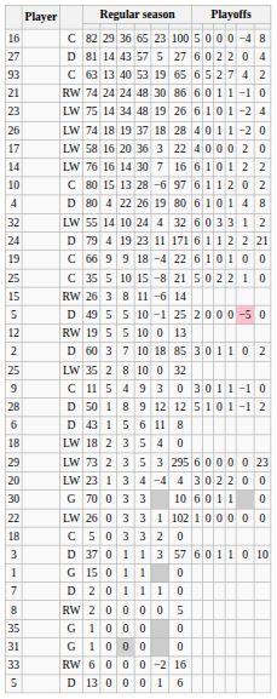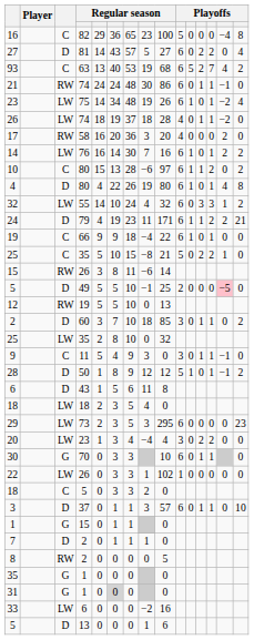 <table class="wikitable sortable plainrowheaders" style="text-align:center;">
 <tr>
 <th scope="col" data-sort-type="number" rowspan="2"></th>
 <th scope="col" rowspan="2">Player</th>
 <th scope="col" rowspan="2"></th>
 <th scope=colgroup colspan=6>Regular season</th>
 <th scope=colgroup colspan=6>Playoffs</th>
 </tr>
 <tr>
 <th scope="col" data-sort-type="number"></th>
 <th scope="col" data-sort-type="number"></th>
 <th scope="col" data-sort-type="number"></th>
 <th scope="col" data-sort-type="number"></th>
 <th scope="col" data-sort-type="number"></th>
 <th scope="col" data-sort-type="number"></th>
 <th scope="col" data-sort-type="number"></th>
 <th scope="col" data-sort-type="number"></th>
 <th scope="col" data-sort-type="number"></th>
 <th scope="col" data-sort-type="number"></th>
 <th scope="col" data-sort-type="number"></th>
 <th scope="col" data-sort-type="number"></th>
 </tr>
 <tr>
 <td scope="row">16</td>
 <td align="left"></td>
 <td>C</td>
 <td>82</td>
 <td>29</td>
 <td>36</td>
 <td>65</td>
 <td>23</td>
 <td>100</td>
 <td>5</td>
 <td>0</td>
 <td>0</td>
 <td>0</td>
 <td>−4</td>
 <td>8</td>
 </tr>
 <tr>
 <td scope="row">27</td>
 <td align="left"></td>
 <td>D</td>
 <td>81</td>
 <td>14</td>
 <td>43</td>
 <td>57</td>
 <td>5</td>
 <td>27</td>
 <td>6</td>
 <td>0</td>
 <td>2</td>
 <td>2</td>
 <td>0</td>
 <td>4</td>
 </tr>
 <tr>
 <td scope="row">93</td>
 <td align="left"></td>
 <td>C</td>
 <td>63</td>
 <td>13</td>
 <td>40</td>
 <td>53</td>
 <td>19</td>
-<td>65</td>
+<td>68</td>
 <td>6</td>
 <td>5</td>
 <td>2</td>
 <td>7</td>
 <td>4</td>
 <td>2</td>
 </tr>
 <tr>
 <td scope="row">21</td>
 <td align="left"></td>
 <td>RW</td>
 <td>74</td>
 <td>24</td>
 <td>24</td>
 <td>48</td>
 <td>30</td>
 <td>86</td>
 <td>6</td>
 <td>0</td>
 <td>1</td>
 <td>1</td>
 <td>−1</td>
 <td>0</td>
 </tr>
 <tr>
 <td scope="row">23</td>
 <td align="left"></td>
 <td>LW</td>
 <td>75</td>
 <td>14</td>
 <td>34</td>
 <td>48</td>
 <td>19</td>
 <td>26</td>
 <td>6</td>
 <td>1</td>
 <td>0</td>
 <td>1</td>
 <td>−2</td>
 <td>4</td>
 </tr>
 <tr>
 <td scope="row">26</td>
 <td align="left"></td>
 <td>LW</td>
 <td>74</td>
 <td>18</td>
 <td>19</td>
 <td>37</td>
 <td>18</td>
 <td>28</td>
 <td>4</td>
 <td>0</td>
 <td>1</td>
 <td>1</td>
 <td>−2</td>
 <td>0</td>
 </tr>
 <tr>
 <td scope="row">17</td>
 <td align="left"></td>
-<td>LW</td>
+<td>RW</td>
 <td>58</td>
 <td>16</td>
 <td>20</td>
 <td>36</td>
 <td>3</td>
-<td>22</td>
+<td>20</td>
 <td>4</td>
 <td>0</td>
 <td>0</td>
 <td>0</td>
 <td>2</td>
 <td>0</td>
 </tr>
 <tr>
 <td scope="row">14</td>
 <td align="left"></td>
 <td>LW</td>
 <td>76</td>
 <td>16</td>
 <td>14</td>
 <td>30</td>
 <td>7</td>
 <td>16</td>
 <td>6</td>
 <td>1</td>
 <td>0</td>
 <td>1</td>
 <td>2</td>
 <td>2</td>
 </tr>
 <tr>
 <td scope="row">10</td>
 <td align="left"></td>
 <td>C</td>
 <td>80</td>
 <td>15</td>
 <td>13</td>
 <td>28</td>
 <td>−6</td>
 <td>97</td>
 <td>6</td>
 <td>1</td>
 <td>1</td>
 <td>2</td>
 <td>0</td>
 <td>2</td>
 </tr>
 <tr>
 <td scope="row">4</td>
 <td align="left"></td>
 <td>D</td>
 <td>80</td>
 <td>4</td>
 <td>22</td>
 <td>26</td>
 <td>19</td>
 <td>80</td>
 <td>6</td>
 <td>1</td>
 <td>0</td>
 <td>1</td>
 <td>4</td>
 <td>8</td>
 </tr>
 <tr>
 <td scope="row">32</td>
 <td align="left"></td>
 <td>LW</td>
 <td>55</td>
 <td>14</td>
 <td>10</td>
 <td>24</td>
 <td>4</td>
 <td>32</td>
 <td>6</td>
 <td>0</td>
 <td>3</td>
 <td>3</td>
 <td>1</td>
 <td>2</td>
 </tr>
 <tr>
 <td scope="row">24</td>
 <td align="left"></td>
 <td>D</td>
 <td>79</td>
 <td>4</td>
 <td>19</td>
 <td>23</td>
 <td>11</td>
 <td>171</td>
 <td>6</td>
 <td>1</td>
 <td>1</td>
 <td>2</td>
 <td>2</td>
 <td>21</td>
 </tr>
 <tr>
 <td scope="row">19</td>
 <td align="left"></td>
 <td>C</td>
 <td>66</td>
 <td>9</td>
 <td>9</td>
 <td>18</td>
 <td>−4</td>
 <td>22</td>
 <td>6</td>
 <td>1</td>
 <td>0</td>
 <td>1</td>
 <td>0</td>
 <td>0</td>
 </tr>
 <tr>
 <td scope="row">25</td>
 <td align="left"></td>
 <td>C</td>
 <td>35</td>
 <td>5</td>
 <td>10</td>
 <td>15</td>
 <td>−8</td>
 <td>21</td>
 <td>5</td>
 <td>0</td>
 <td>2</td>
 <td>2</td>
 <td>1</td>
 <td>0</td>
 </tr>
 <tr>
 <td scope="row">15</td>
 <td align="left"></td>
 <td>RW</td>
 <td>26</td>
 <td>3</td>
 <td>8</td>
 <td>11</td>
 <td>−6</td>
 <td>14</td>
 <td></td>
 <td></td>
 <td></td>
 <td></td>
 <td></td>
 <td></td>
 </tr>
 <tr>
 <td scope="row">5</td>
 <td align="left"></td>
 <td>D</td>
 <td>49</td>
 <td>5</td>
 <td>5</td>
 <td>10</td>
 <td>−1</td>
 <td>25</td>
 <td>2</td>
 <td>0</td>
 <td>0</td>
 <td>0</td>
 <td style="background: pink;">−5</td>
 <td>0</td>
 </tr>
 <tr>
 <td scope="row">12</td>
 <td align="left"></td>
 <td>RW</td>
 <td>19</td>
 <td>5</td>
 <td>5</td>
 <td>10</td>
 <td>0</td>
 <td>13</td>
 <td></td>
 <td></td>
 <td></td>
 <td></td>
 <td></td>
 <td></td>
 </tr>
 <tr>
 <td scope="row">2</td>
 <td align="left"></td>
 <td>D</td>
 <td>60</td>
 <td>3</td>
 <td>7</td>
 <td>10</td>
 <td>18</td>
 <td>85</td>
 <td>3</td>
 <td>0</td>
 <td>1</td>
 <td>1</td>
 <td>0</td>
 <td>2</td>
 </tr>
 <tr>
 <td scope="row">25</td>
 <td align="left"></td>
 <td>LW</td>
 <td>35</td>
 <td>2</td>
 <td>8</td>
 <td>10</td>
 <td>0</td>
 <td>32</td>
 <td></td>
 <td></td>
 <td></td>
 <td></td>
 <td></td>
 <td></td>
 </tr>
 <tr>
 <td scope="row">9</td>
 <td align="left"></td>
 <td>C</td>
 <td>11</td>
 <td>5</td>
 <td>4</td>
 <td>9</td>
 <td>3</td>
 <td>0</td>
 <td>3</td>
 <td>0</td>
 <td>1</td>
 <td>1</td>
 <td>−1</td>
 <td>0</td>
 </tr>
 <tr>
 <td scope="row">28</td>
 <td align="left"></td>
 <td>D</td>
 <td>50</td>
 <td>1</td>
 <td>8</td>
 <td>9</td>
 <td>12</td>
 <td>12</td>
 <td>5</td>
 <td>1</td>
 <td>0</td>
 <td>1</td>
 <td>−1</td>
 <td>2</td>
 </tr>
 <tr>
 <td scope="row">6</td>
 <td align="left"></td>
 <td>D</td>
 <td>43</td>
 <td>1</td>
 <td>5</td>
 <td>6</td>
 <td>11</td>
 <td>8</td>
 <td></td>
 <td></td>
 <td></td>
 <td></td>
 <td></td>
 <td></td>
 </tr>
 <tr>
 <td scope="row">18</td>
 <td align="left"></td>
 <td>LW</td>
 <td>18</td>
 <td>2</td>
 <td>3</td>
 <td>5</td>
 <td>4</td>
 <td>0</td>
 <td></td>
 <td></td>
 <td></td>
 <td></td>
 <td></td>
 <td></td>
 </tr>
 <tr>
 <td scope="row">29</td>
 <td align="left"></td>
 <td>LW</td>
 <td>73</td>
 <td>2</td>
 <td>3</td>
 <td>5</td>
 <td>3</td>
 <td>295</td>
 <td>6</td>
 <td>0</td>
 <td>0</td>
 <td>0</td>
 <td>0</td>
 <td>23</td>
 </tr>
 <tr>
 <td scope="row">20</td>
 <td align="left"></td>
 <td>LW</td>
 <td>23</td>
 <td>1</td>
 <td>3</td>
 <td>4</td>
 <td>−4</td>
 <td>4</td>
 <td>3</td>
 <td>0</td>
 <td>2</td>
 <td>2</td>
 <td>0</td>
 <td>0</td>
 </tr>
 <tr>
 <td scope="row">30</td>
 <td align="left"></td>
 <td>G</td>
 <td>70</td>
 <td>0</td>
 <td>3</td>
 <td>3</td>
 <td style="background:#ccc"></td>
 <td>10</td>
 <td>6</td>
 <td>0</td>
 <td>1</td>
 <td>1</td>
 <td style="background:#ccc"></td>
 <td>0</td>
 </tr>
 <tr>
 <td scope="row">22</td>
 <td align="left"></td>
 <td>LW</td>
 <td>26</td>
 <td>0</td>
 <td>3</td>
 <td>3</td>
 <td>1</td>
 <td>102</td>
 <td>1</td>
 <td>0</td>
 <td>0</td>
 <td>0</td>
 <td>0</td>
 <td>0</td>
 </tr>
 <tr>
 <td scope="row">18</td>
 <td align="left"></td>
 <td>C</td>
 <td>5</td>
 <td>0</td>
 <td>3</td>
 <td>3</td>
 <td>2</td>
 <td>0</td>
 <td></td>
 <td></td>
 <td></td>
 <td></td>
 <td></td>
 <td></td>
 </tr>
 <tr>
 <td scope="row">3</td>
 <td align="left"></td>
 <td>D</td>
 <td>37</td>
 <td>0</td>
 <td>1</td>
 <td>1</td>
 <td>3</td>
 <td>57</td>
 <td>6</td>
 <td>0</td>
 <td>1</td>
 <td>1</td>
 <td>0</td>
 <td>10</td>
 </tr>
 <tr>
 <td scope="row">1</td>
 <td align="left"></td>
 <td>G</td>
 <td>15</td>
 <td>0</td>
 <td>1</td>
 <td>1</td>
 <td style="background:#ccc"></td>
 <td>0</td>
 <td></td>
 <td></td>
 <td></td>
 <td></td>
 <td></td>
 <td></td>
 </tr>
 <tr>
 <td scope="row">7</td>
 <td align="left"></td>
 <td>D</td>
 <td>2</td>
 <td>0</td>
 <td>1</td>
 <td>1</td>
 <td>1</td>
 <td>0</td>
 <td></td>
 <td></td>
 <td></td>
 <td></td>
 <td></td>
 <td></td>
 </tr>
 <tr>
 <td scope="row">8</td>
 <td align="left"></td>
 <td>RW</td>
 <td>2</td>
 <td>0</td>
 <td>0</td>
 <td>0</td>
 <td>0</td>
 <td>5</td>
 <td></td>
 <td></td>
 <td></td>
 <td></td>
 <td></td>
 <td></td>
 </tr>
 <tr>
 <td scope="row">35</td>
 <td align="left"></td>
 <td>G</td>
 <td>1</td>
 <td>0</td>
 <td>0</td>
 <td>0</td>
 <td style="background:#ccc"></td>
 <td>0</td>
 <td></td>
 <td></td>
 <td></td>
 <td></td>
 <td></td>
 <td></td>
 </tr>
 <tr>
 <td scope="row">31</td>
 <td align="left"></td>
 <td>G</td>
 <td>1</td>
 <td>0</td>
 <td style="background: lightgrey;">0</td>
 <td>0</td>
 <td style="background:#ccc"></td>
 <td>0</td>
 <td></td>
 <td></td>
 <td></td>
 <td></td>
 <td></td>
 <td></td>
 </tr>
 <tr>
 <td scope="row">33</td>
 <td align="left"></td>
-<td>RW</td>
+<td>LW</td>
 <td>6</td>
 <td>0</td>
 <td>0</td>
 <td>0</td>
 <td>−2</td>
 <td>16</td>
 <td></td>
 <td></td>
 <td></td>
 <td></td>
 <td></td>
 <td></td>
 </tr>
 <tr>
 <td scope="row">5</td>
 <td align="left"></td>
 <td>D</td>
 <td>13</td>
 <td>0</td>
 <td>0</td>
 <td>0</td>
 <td>1</td>
 <td>6</td>
 <td></td>
 <td></td>
 <td></td>
 <td></td>
 <td></td>
 <td></td>
 </tr>
 </table>
